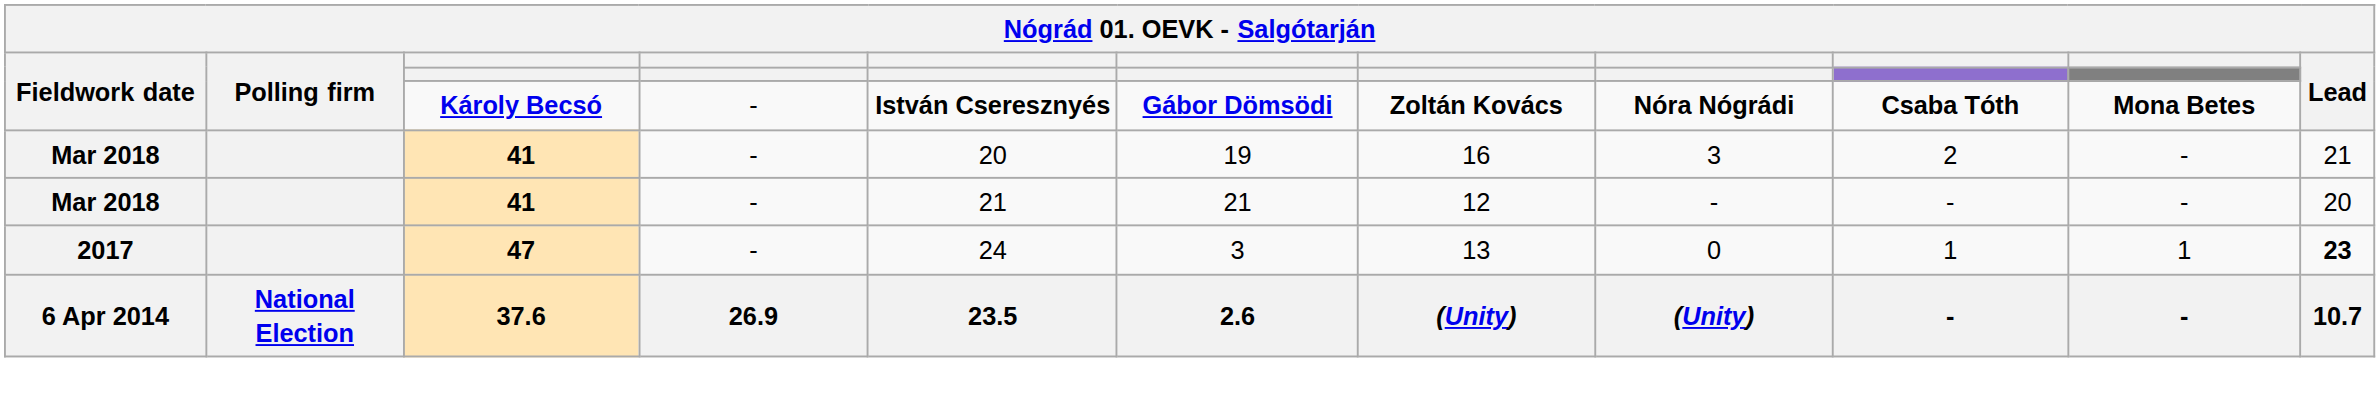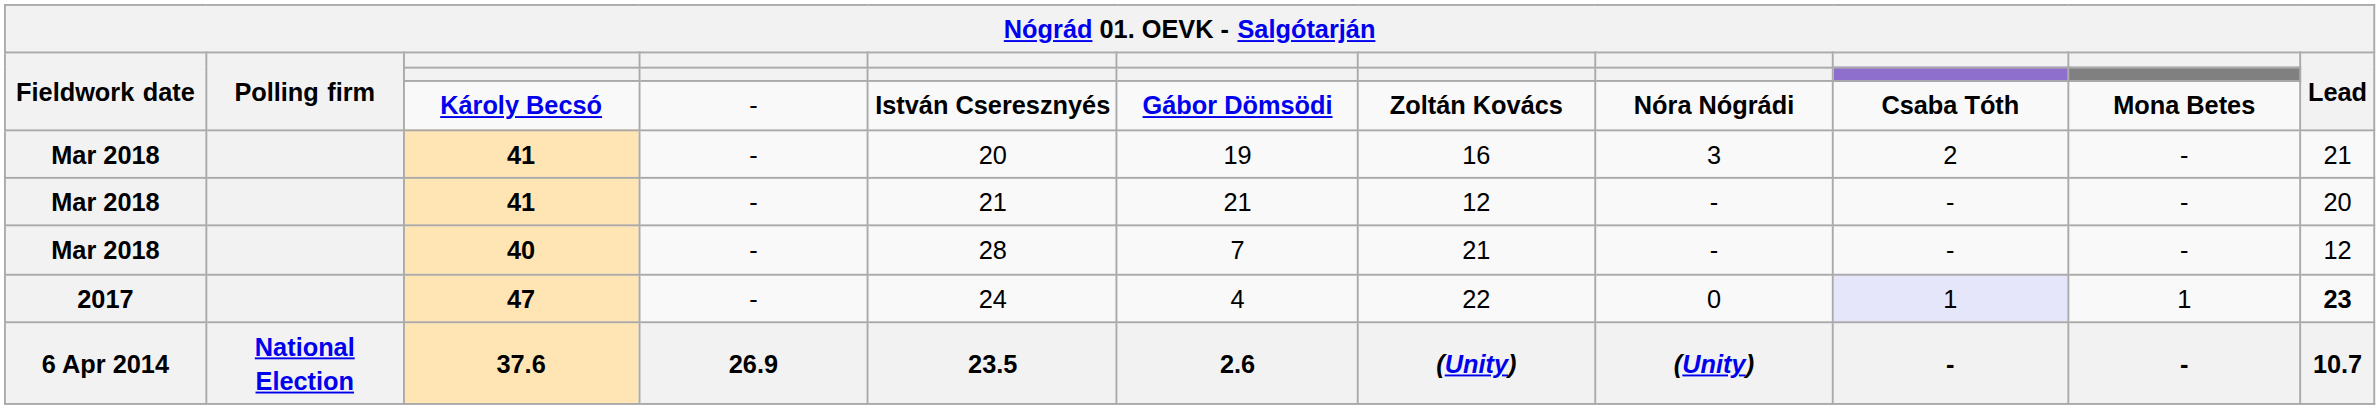 <table class="wikitable mw-collapsible mw-collapsed" style="text-align:center">
 <tr>
 <th colspan="11" style="width: 980pt;"><small><a href='#'>Nógrád</a> 01. OEVK -</small> <a href='#'><small>Salgótarján</small></a></th>
 </tr>
 <tr>
 <th rowspan="3" style="width: 80pt;"><small>Fieldwork</small> <small>date</small></th>
 <th rowspan="3" style="width: 80pt;"><strong><small>Polling</small> <small>firm</small></strong></th>
 <th style="width: 100pt;"><small></small></th>
 <th style="width: 100pt;"><small> </small></th>
 <th style="width: 100pt;"></th>
 <th style="width: 100pt;"></th>
 <th style="width: 100pt;"></th>
 <th style="width: 100pt;"></th>
 <th style="width: 100pt;"></th>
 <th style="width: 100pt;"></th>
 <th rowspan="3" style="width: 20pt;"><small>Lead</small></th>
 </tr>
 <tr>
 <th style="color:inherit;background:"></th>
 <th style="color:inherit;background:"></th>
 <th style="color:inherit;background:"></th>
 <th style="color:inherit;background:"></th>
 <th style="color:inherit;background:"></th>
 <th style="color:inherit;background:"></th>
 <th style="color:inherit;background:#8E6FCE;"></th>
 <th style="color:inherit;background:#808080;"></th>
 </tr>
 <tr>
 <td><small><strong><a href='#'>Károly Becsó</a></strong></small></td>
 <td><small>-</small></td>
 <td><small><strong>István Cseresznyés</strong></small></td>
 <td><small><a href='#'><strong>Gábor Dömsödi</strong></a></small></td>
 <td><small><strong>Zoltán Kovács</strong></small></td>
 <td><small><strong>Nóra Nógrádi</strong></small></td>
 <td><small><strong>Csaba Tóth</strong></small></td>
 <td><small><strong>Mona Betes</strong></small></td>
 </tr>
 <tr>
 <th><small>Mar 2018</small></th>
 <th> </th>
 <td style="background:#FFE5B4"><small><strong>41</strong></small></td>
 <td><small>-</small></td>
 <td><small>20</small></td>
 <td><small>19</small></td>
 <td><small>16</small></td>
 <td><small>3</small></td>
 <td><small>2</small></td>
 <td><small>-</small></td>
 <td style="background:"><small>21</small></td>
 </tr>
 <tr>
 <th><small>Mar 2018</small></th>
 <th><small></small></th>
 <td style="background:#FFE5B4"><small><strong>41</strong></small></td>
 <td><small>-</small></td>
 <td><small>21</small></td>
 <td><small>21</small></td>
 <td><small>12</small></td>
 <td><small>-</small></td>
 <td><small>-</small></td>
 <td><small>-</small></td>
 <td style="background:"><small>20</small></td>
 </tr>
 <tr>
+<th><small>Mar 2018</small></th>
+<th><small></small></th>
+<td style="background:#FFE5B4"><small><strong>40</strong></small></td>
+<td><small>-</small></td>
+<td><small>28</small></td>
+<td><small>7</small></td>
+<td><small>21</small></td>
+<td><small>-</small></td>
+<td><small>-</small></td>
+<td><small>-</small></td>
+<td style="background:"><small>12</small></td>
+</tr>
+<tr>
 <th><small>2017</small></th>
 <th><small></small></th>
 <td style="background:#FFE5B4"><small><strong>47</strong></small></td>
 <td><small>-</small></td>
 <td><small>24</small></td>
-<td><small>3</small></td>
-<td><small>13</small></td>
+<td><small>4</small></td>
+<td><small>22</small></td>
 <td><small>0</small></td>
-<td><small>1</small></td>
+<td style="background: lavender;"><small>1</small></td>
 <td><small>1</small></td>
 <td style="background:"><strong><small>23</small></strong></td>
 </tr>
 <tr>
 <th><small>6 Apr 2014</small></th>
 <th><a href='#'><small>National Election</small></a></th>
 <th style="background:#FFE5B4"><small><strong>37.6</strong></small></th>
 <th><small>26.9</small></th>
 <th><small>23.5</small></th>
 <th><small>2.6</small></th>
 <th><small><em>(<a href='#'>Unity</a>)</em></small></th>
 <th><small><em>(<a href='#'>Unity</a>)</em></small></th>
 <th><small>-</small></th>
 <th><small>-</small></th>
 <th style="background:"><small>10.7</small></th>
 </tr>
 </table>
